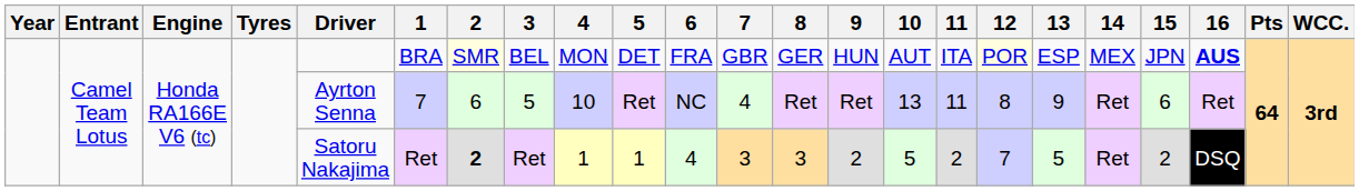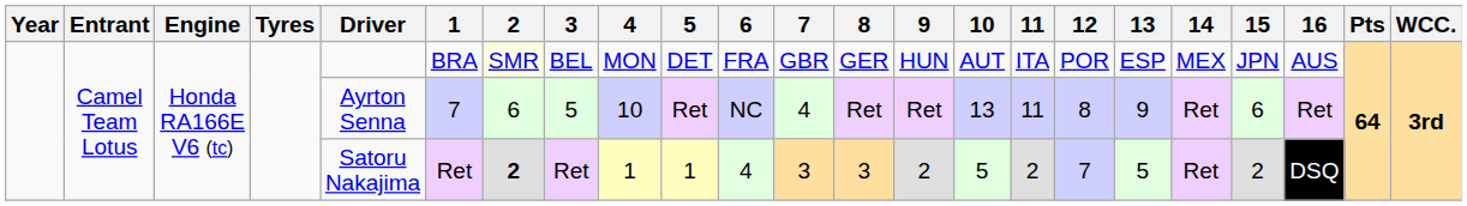 <table class="wikitable" style="text-align:center; font-size:95%">
 <tr>
 <th>Year</th>
 <th>Entrant</th>
 <th>Engine</th>
 <th>Tyres</th>
 <th>Driver</th>
 <th>1</th>
 <th>2</th>
 <th>3</th>
 <th>4</th>
 <th>5</th>
 <th>6</th>
 <th>7</th>
 <th>8</th>
 <th>9</th>
 <th>10</th>
 <th>11</th>
 <th>12</th>
 <th>13</th>
 <th>14</th>
 <th>15</th>
 <th>16</th>
 <th>Pts</th>
 <th>WCC.</th>
 </tr>
 <tr>
 <td rowspan="3"></td>
 <td rowspan="3"><a href='#'>Camel</a> <a href='#'>Team Lotus</a></td>
 <td rowspan="3"><a href='#'>Honda</a><br><a href='#'>RA166E</a> <a href='#'>V6</a> <small>(<a href='#'>tc</a>)</small></td>
 <td rowspan="3"></td>
 <td></td>
 <td><a href='#'>BRA</a></td>
 <td style="background: lightyellow;"><a href='#'>SMR</a></td>
 <td><a href='#'>BEL</a></td>
 <td><a href='#'>MON</a></td>
 <td><a href='#'>DET</a></td>
 <td><a href='#'>FRA</a></td>
 <td><a href='#'>GBR</a></td>
 <td><a href='#'>GER</a></td>
 <td><a href='#'>HUN</a></td>
 <td><a href='#'>AUT</a></td>
 <td><a href='#'>ITA</a></td>
-<td style="background: lightyellow;"><a href='#'>POR</a></td>
+<td><a href='#'>POR</a></td>
 <td><a href='#'>ESP</a></td>
 <td><a href='#'>MEX</a></td>
 <td><a href='#'>JPN</a></td>
-<td><strong><a href='#'>AUS</a></strong></td>
+<td><a href='#'>AUS</a></td>
 <td rowspan="3" style="background:#ffdf9f;"><strong>64</strong></td>
 <td rowspan="3" style="background:#ffdf9f;"><strong>3rd</strong></td>
 </tr>
 <tr>
 <td><a href='#'>Ayrton Senna</a></td>
 <td style="background:#cfcfff;">7</td>
 <td style="background:#dfffdf;">6</td>
 <td style="background:#dfffdf;">5</td>
 <td style="background:#cfcfff;">10</td>
 <td style="background:#efcfff;">Ret</td>
 <td style="background:#cfcfff;">NC</td>
 <td style="background:#dfffdf;">4</td>
 <td style="background:#efcfff;">Ret</td>
 <td style="background:#efcfff;">Ret</td>
 <td style="background:#cfcfff;">13</td>
 <td style="background:#cfcfff;">11</td>
 <td style="background:#cfcfff;">8</td>
 <td style="background:#cfcfff;">9</td>
 <td style="background:#efcfff;">Ret</td>
 <td style="background:#dfffdf;">6</td>
 <td style="background:#efcfff;">Ret</td>
 </tr>
 <tr>
 <td><a href='#'>Satoru Nakajima</a></td>
 <td style="background:#efcfff;">Ret</td>
 <td style="background:#dfdfdf;"><strong>2</strong></td>
 <td style="background:#efcfff;">Ret</td>
 <td style="background:#ffffbf;">1</td>
 <td style="background:#ffffbf;">1</td>
 <td style="background:#dfffdf;">4</td>
 <td style="background:#ffdf9f;">3</td>
 <td style="background:#ffdf9f;">3</td>
 <td style="background:#dfdfdf;">2</td>
 <td style="background:#dfffdf;">5</td>
 <td style="background:#dfdfdf;">2</td>
 <td style="background:#cfcfff;">7</td>
 <td style="background:#dfffdf;">5</td>
 <td style="background:#efcfff;">Ret</td>
 <td style="background:#dfdfdf;">2</td>
 <td style="background:#000; color:white;">DSQ</td>
 </tr>
 </table>
